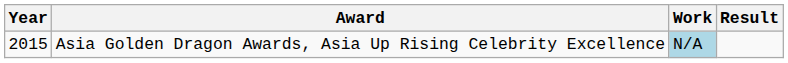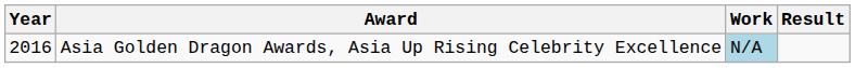 <table class="wikitable">
 <tr>
 <th>Year</th>
 <th>Award</th>
 <th>Work</th>
 <th>Result</th>
 </tr>
 <tr>
-<td>2015</td>
+<td>2016</td>
 <td>Asia Golden Dragon Awards, Asia Up Rising Celebrity Excellence</td>
 <td style="background: lightblue;">N/A</td>
 <td></td>
 </tr>
 </table>
